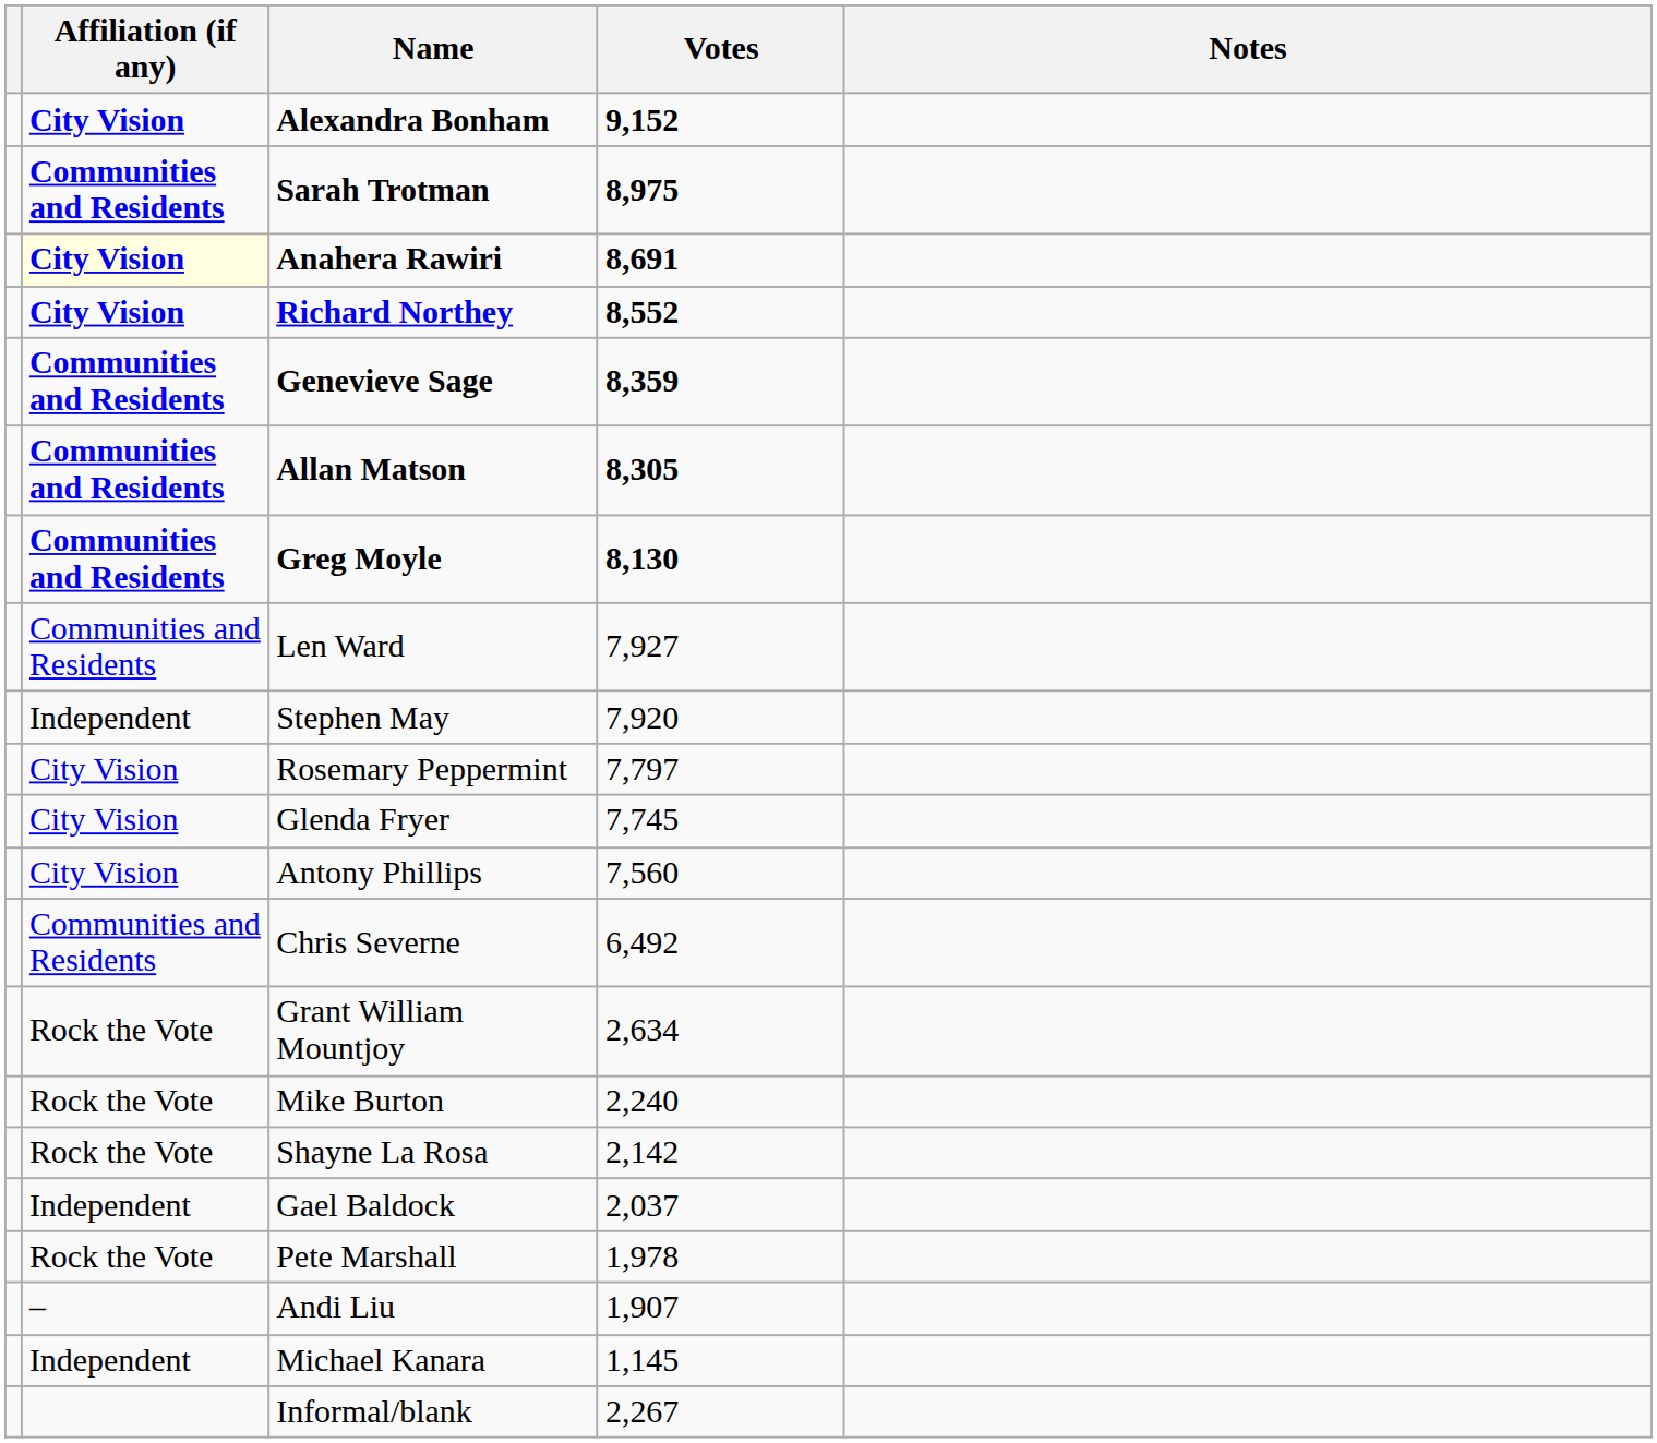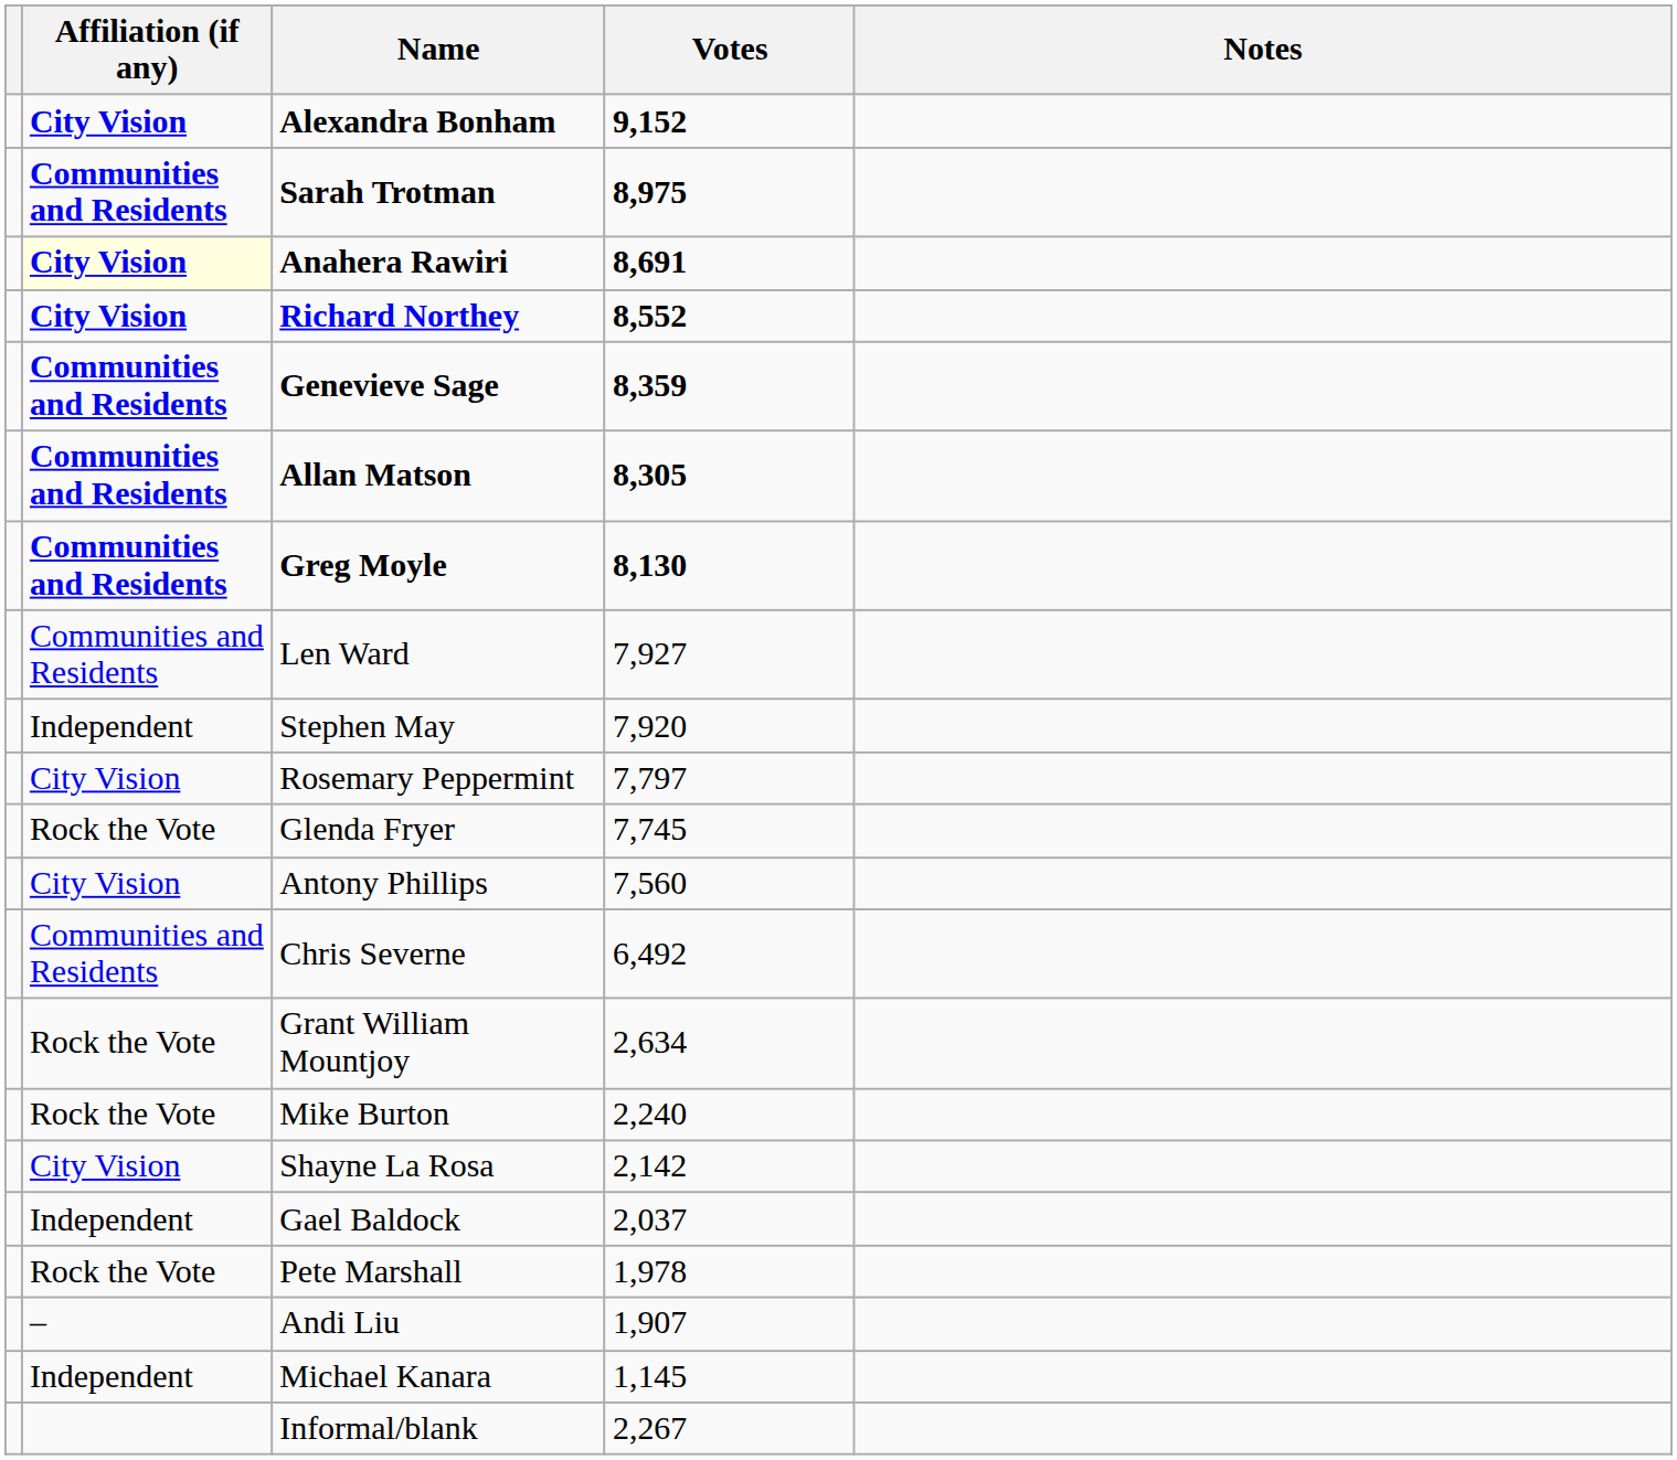 <table class="wikitable" style="width:51%;">
 <tr>
 <th style="width:1%;"></th>
 <th style="width:15%;">Affiliation (if any)</th>
 <th style="width:20%;">Name</th>
 <th style="width:15%;">Votes</th>
 <th>Notes</th>
 </tr>
 <tr>
 <td></td>
 <td><strong><a href='#'>City Vision</a></strong></td>
 <td><strong>Alexandra Bonham</strong></td>
 <td><strong>9,152</strong></td>
 <td></td>
 </tr>
 <tr>
 <td></td>
 <td><strong><a href='#'>Communities and Residents</a></strong></td>
 <td><strong>Sarah Trotman</strong></td>
 <td><strong>8,975</strong></td>
 <td></td>
 </tr>
 <tr>
 <td></td>
 <td style="background: lightyellow;"><strong><a href='#'>City Vision</a></strong></td>
 <td><strong>Anahera Rawiri</strong></td>
 <td><strong>8,691</strong></td>
 <td></td>
 </tr>
 <tr>
 <td></td>
 <td><strong><a href='#'>City Vision</a></strong></td>
 <td><strong><a href='#'>Richard Northey</a></strong></td>
 <td><strong>8,552</strong></td>
 <td></td>
 </tr>
 <tr>
 <td></td>
 <td><strong><a href='#'>Communities and Residents</a></strong></td>
 <td><strong>Genevieve Sage</strong></td>
 <td><strong>8,359</strong></td>
 <td></td>
 </tr>
 <tr>
 <td></td>
 <td><strong><a href='#'>Communities and Residents</a></strong></td>
 <td><strong>Allan Matson</strong></td>
 <td><strong>8,305</strong></td>
 <td></td>
 </tr>
 <tr>
 <td bgcolor=></td>
 <td><strong><a href='#'>Communities and Residents</a></strong></td>
 <td><strong>Greg Moyle</strong></td>
 <td><strong>8,130</strong></td>
 <td></td>
 </tr>
 <tr>
 <td bgcolor=></td>
 <td><a href='#'>Communities and Residents</a></td>
 <td>Len Ward</td>
 <td>7,927</td>
 <td></td>
 </tr>
 <tr>
 <td bgcolor=></td>
 <td>Independent</td>
 <td>Stephen May</td>
 <td>7,920</td>
 <td></td>
 </tr>
 <tr>
 <td></td>
 <td><a href='#'>City Vision</a></td>
 <td>Rosemary Peppermint</td>
 <td>7,797</td>
 <td></td>
 </tr>
 <tr>
 <td></td>
-<td><a href='#'>City Vision</a></td>
+<td>Rock the Vote</td>
 <td>Glenda Fryer</td>
 <td>7,745</td>
 <td></td>
 </tr>
 <tr>
 <td bgcolor=></td>
 <td><a href='#'>City Vision</a></td>
 <td>Antony Phillips</td>
 <td>7,560</td>
 <td></td>
 </tr>
 <tr>
 <td bgcolor=></td>
 <td><a href='#'>Communities and Residents</a></td>
 <td>Chris Severne</td>
 <td>6,492</td>
 <td></td>
 </tr>
 <tr>
 <td bgcolor=></td>
 <td>Rock the Vote</td>
 <td>Grant William Mountjoy</td>
 <td>2,634</td>
 <td></td>
 </tr>
 <tr>
 <td bgcolor=></td>
 <td>Rock the Vote</td>
 <td>Mike Burton</td>
 <td>2,240</td>
 <td></td>
 </tr>
 <tr>
 <td bgcolor=></td>
-<td>Rock the Vote</td>
+<td><a href='#'>City Vision</a></td>
 <td>Shayne La Rosa</td>
 <td>2,142</td>
 <td></td>
 </tr>
 <tr>
 <td bgcolor=></td>
 <td>Independent</td>
 <td>Gael Baldock</td>
 <td>2,037</td>
 <td></td>
 </tr>
 <tr>
 <td bgcolor=></td>
 <td>Rock the Vote</td>
 <td>Pete Marshall</td>
 <td>1,978</td>
 <td></td>
 </tr>
 <tr>
 <td bgcolor=></td>
 <td>–</td>
 <td>Andi Liu</td>
 <td>1,907</td>
 <td></td>
 </tr>
 <tr>
 <td bgcolor=></td>
 <td>Independent</td>
 <td>Michael Kanara</td>
 <td>1,145</td>
 <td></td>
 </tr>
 <tr>
 <td></td>
 <td></td>
 <td>Informal/blank</td>
 <td>2,267</td>
 <td></td>
 </tr>
 </table>
